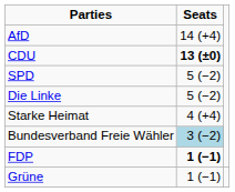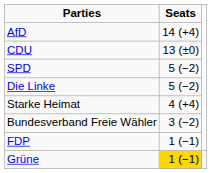 <table class="wikitable">
 <tr class="backgroundcolor5" style="text-align:center;">
 <td><strong>Parties</strong></td>
 <td><strong>Seats</strong></td>
 <td rowspan="8"></td>
 </tr>
 <tr>
 <td><a href='#'>AfD</a></td>
 <td style="text-align:right;">14 (+4)</td>
 </tr>
 <tr>
 <td><a href='#'>CDU</a></td>
-<td style="text-align:right;"><strong>13 (±0)</strong></td>
+<td style="text-align:right;">13 (±0)</td>
 </tr>
 <tr>
 <td><a href='#'>SPD</a></td>
 <td style="text-align:right;">5 (−2)</td>
 </tr>
 <tr>
 <td><a href='#'>Die Linke</a></td>
 <td style="text-align:right;">5 (−2)</td>
 </tr>
 <tr>
 <td>Starke Heimat</td>
 <td style="text-align:right;">4 (+4)</td>
 </tr>
 <tr>
 <td>Bundesverband Freie Wähler</td>
-<td style="background: lightblue; text-align:right;">3 (−2)</td>
+<td style="text-align:right;">3 (−2)</td>
 </tr>
 <tr>
 <td><a href='#'>FDP</a></td>
-<td style="text-align:right;"><strong>1 (−1)</strong></td>
+<td style="text-align:right;">1 (−1)</td>
 </tr>
 <tr>
 <td><a href='#'>Grüne</a></td>
-<td style="text-align:right;">1 (−1)</td>
+<td style="background: gold; text-align:right;">1 (−1)</td>
 </tr>
 </table>
